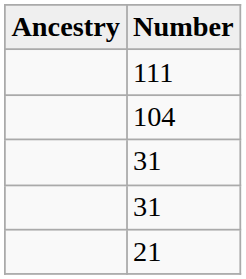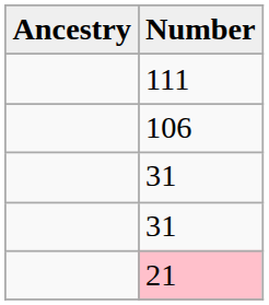 <table style="float: center;" class="wikitable">
 <tr>
 <th style="background:#efefef;">Ancestry</th>
 <th style="background:#efefef;">Number</th>
 </tr>
 <tr>
 <td></td>
 <td>111</td>
 </tr>
 <tr>
 <td></td>
-<td>104</td>
+<td>106</td>
 </tr>
 <tr>
 <td></td>
 <td>31</td>
 </tr>
 <tr>
 <td></td>
 <td>31</td>
 </tr>
 <tr>
 <td></td>
-<td>21</td>
+<td style="background: pink;">21</td>
 </tr>
 </table>
